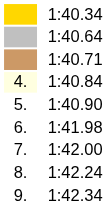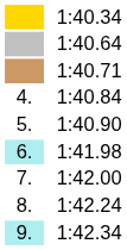 <table style="text-align:center">
 <tr>
 <td width=30 bgcolor=gold></td>
 <td align=left></td>
 <td width=60>1:40.34</td>
 </tr>
 <tr>
 <td bgcolor=silver></td>
 <td align=left></td>
 <td>1:40.64</td>
 </tr>
 <tr>
 <td bgcolor=cc9966></td>
 <td align=left></td>
 <td>1:40.71</td>
 </tr>
 <tr>
-<td style="background: lightyellow;">4.</td>
+<td>4.</td>
 <td align=left></td>
 <td>1:40.84</td>
 </tr>
 <tr>
 <td>5.</td>
 <td align=left></td>
 <td>1:40.90</td>
 </tr>
 <tr>
-<td>6.</td>
+<td style="background: paleturquoise;">6.</td>
 <td align=left></td>
 <td>1:41.98</td>
 </tr>
 <tr>
 <td>7.</td>
 <td align=left></td>
 <td>1:42.00</td>
 </tr>
 <tr>
 <td>8.</td>
 <td align=left></td>
 <td>1:42.24</td>
 </tr>
 <tr>
-<td>9.</td>
+<td style="background: paleturquoise;">9.</td>
 <td align=left></td>
 <td>1:42.34</td>
 </tr>
 </table>
